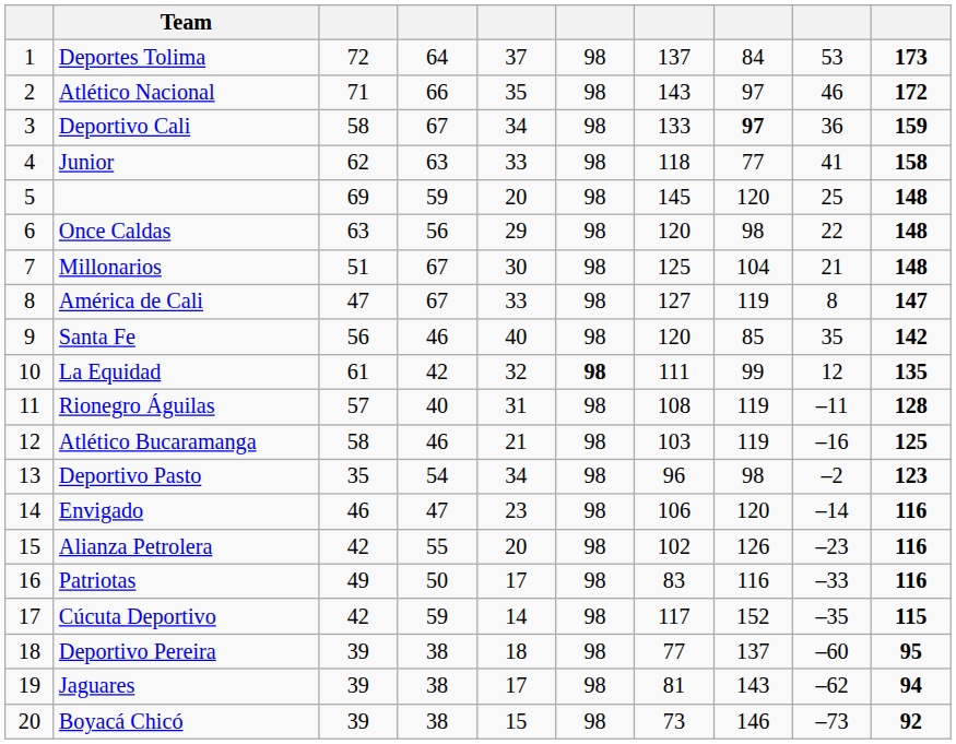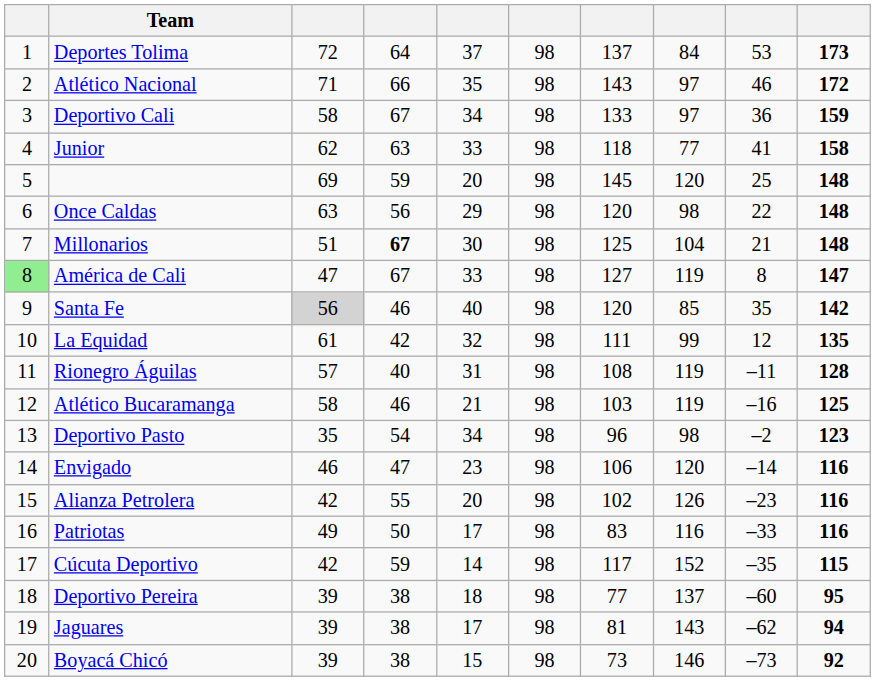 <table class="wikitable" style="text-align: center;">
 <tr>
 <th width=28><br></th>
 <th width=185>Team</th>
 <th width=50></th>
 <th width=50></th>
 <th width=50></th>
 <th width=50></th>
 <th width=50></th>
 <th width=50></th>
 <th width=50></th>
 <th width=50></th>
 </tr>
 <tr>
 <td>1</td>
 <td align="left"><a href='#'>Deportes Tolima</a></td>
 <td>72</td>
 <td>64</td>
 <td>37</td>
 <td>98</td>
 <td>137</td>
 <td>84</td>
 <td>53</td>
 <td><strong>173</strong></td>
 </tr>
 <tr>
 <td>2</td>
 <td align="left"><a href='#'>Atlético Nacional</a></td>
 <td>71</td>
 <td>66</td>
 <td>35</td>
 <td>98</td>
 <td>143</td>
 <td>97</td>
 <td>46</td>
 <td><strong>172</strong></td>
 </tr>
 <tr>
 <td>3</td>
 <td align="left"><a href='#'>Deportivo Cali</a></td>
 <td>58</td>
 <td>67</td>
 <td>34</td>
 <td>98</td>
 <td>133</td>
-<td><strong>97</strong></td>
+<td>97</td>
 <td>36</td>
 <td><strong>159</strong></td>
 </tr>
 <tr>
 <td>4</td>
 <td align="left"><a href='#'>Junior</a></td>
 <td>62</td>
 <td>63</td>
 <td>33</td>
 <td>98</td>
 <td>118</td>
 <td>77</td>
 <td>41</td>
 <td><strong>158</strong></td>
 </tr>
 <tr>
 <td>5</td>
 <td align="left"></td>
 <td>69</td>
 <td>59</td>
 <td>20</td>
 <td>98</td>
 <td>145</td>
 <td>120</td>
 <td>25</td>
 <td><strong>148</strong></td>
 </tr>
 <tr>
 <td>6</td>
 <td align="left"><a href='#'>Once Caldas</a></td>
 <td>63</td>
 <td>56</td>
 <td>29</td>
 <td>98</td>
 <td>120</td>
 <td>98</td>
 <td>22</td>
 <td><strong>148</strong></td>
 </tr>
 <tr>
 <td>7</td>
 <td align="left"><a href='#'>Millonarios</a></td>
 <td>51</td>
-<td>67</td>
+<td><strong>67</strong></td>
 <td>30</td>
 <td>98</td>
 <td>125</td>
 <td>104</td>
 <td>21</td>
 <td><strong>148</strong></td>
 </tr>
 <tr>
-<td>8</td>
+<td style="background: lightgreen;">8</td>
 <td align="left"><a href='#'>América de Cali</a></td>
 <td>47</td>
 <td>67</td>
 <td>33</td>
 <td>98</td>
 <td>127</td>
 <td>119</td>
 <td>8</td>
 <td><strong>147</strong></td>
 </tr>
 <tr>
 <td>9</td>
 <td align="left"><a href='#'>Santa Fe</a></td>
-<td>56</td>
+<td style="background: lightgrey;">56</td>
 <td>46</td>
 <td>40</td>
 <td>98</td>
 <td>120</td>
 <td>85</td>
 <td>35</td>
 <td><strong>142</strong></td>
 </tr>
 <tr>
 <td>10</td>
 <td align="left"><a href='#'>La Equidad</a></td>
 <td>61</td>
 <td>42</td>
 <td>32</td>
-<td><strong>98</strong></td>
+<td>98</td>
 <td>111</td>
 <td>99</td>
 <td>12</td>
 <td><strong>135</strong></td>
 </tr>
 <tr>
 <td>11</td>
 <td align="left"><a href='#'>Rionegro Águilas</a></td>
 <td>57</td>
 <td>40</td>
 <td>31</td>
 <td>98</td>
 <td>108</td>
 <td>119</td>
 <td>–11</td>
 <td><strong>128</strong></td>
 </tr>
 <tr>
 <td>12</td>
 <td align="left"><a href='#'>Atlético Bucaramanga</a></td>
 <td>58</td>
 <td>46</td>
 <td>21</td>
 <td>98</td>
 <td>103</td>
 <td>119</td>
 <td>–16</td>
 <td><strong>125</strong></td>
 </tr>
 <tr>
 <td>13</td>
 <td align="left"><a href='#'>Deportivo Pasto</a></td>
 <td>35</td>
 <td>54</td>
 <td>34</td>
 <td>98</td>
 <td>96</td>
 <td>98</td>
 <td>–2</td>
 <td><strong>123</strong></td>
 </tr>
 <tr>
 <td>14</td>
 <td align="left"><a href='#'>Envigado</a></td>
 <td>46</td>
 <td>47</td>
 <td>23</td>
 <td>98</td>
 <td>106</td>
 <td>120</td>
 <td>–14</td>
 <td><strong>116</strong></td>
 </tr>
 <tr>
 <td>15</td>
 <td align="left"><a href='#'>Alianza Petrolera</a></td>
 <td>42</td>
 <td>55</td>
 <td>20</td>
 <td>98</td>
 <td>102</td>
 <td>126</td>
 <td>–23</td>
 <td><strong>116</strong></td>
 </tr>
 <tr>
 <td>16</td>
 <td align="left"><a href='#'>Patriotas</a></td>
 <td>49</td>
 <td>50</td>
 <td>17</td>
 <td>98</td>
 <td>83</td>
 <td>116</td>
 <td>–33</td>
 <td><strong>116</strong></td>
 </tr>
 <tr>
 <td>17</td>
 <td align="left"><a href='#'>Cúcuta Deportivo</a></td>
 <td>42</td>
 <td>59</td>
 <td>14</td>
 <td>98</td>
 <td>117</td>
 <td>152</td>
 <td>–35</td>
 <td><strong>115</strong></td>
 </tr>
 <tr>
 <td>18</td>
 <td align="left"><a href='#'>Deportivo Pereira</a></td>
 <td>39</td>
 <td>38</td>
 <td>18</td>
 <td>98</td>
 <td>77</td>
 <td>137</td>
 <td>–60</td>
 <td><strong>95</strong></td>
 </tr>
 <tr>
 <td>19</td>
 <td align="left"><a href='#'>Jaguares</a></td>
 <td>39</td>
 <td>38</td>
 <td>17</td>
 <td>98</td>
 <td>81</td>
 <td>143</td>
 <td>–62</td>
 <td><strong>94</strong></td>
 </tr>
 <tr>
 <td>20</td>
 <td align="left"><a href='#'>Boyacá Chicó</a></td>
 <td>39</td>
 <td>38</td>
 <td>15</td>
 <td>98</td>
 <td>73</td>
 <td>146</td>
 <td>–73</td>
 <td><strong>92</strong></td>
 </tr>
 </table>
